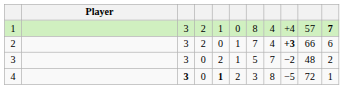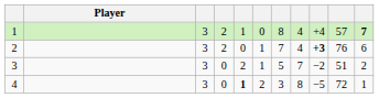 <table class="wikitable" style="text-align:center; margin: 1em auto 1em auto, align:left">
 <tr>
 <th width=20></th>
 <th width=240>Player</th>
 <th width=20></th>
 <th width=20></th>
 <th width=20></th>
 <th width=20></th>
 <th width=20></th>
 <th width=20></th>
 <th width=20></th>
 <th width=30></th>
 <th width=20></th>
 </tr>
 <tr style="background:#D0F0C0;">
 <td>1</td>
 <td align=left></td>
 <td>3</td>
 <td>2</td>
 <td>1</td>
 <td>0</td>
 <td>8</td>
 <td>4</td>
 <td>+4</td>
 <td>57</td>
 <td><strong>7</strong></td>
 </tr>
 <tr style=>
 <td>2</td>
 <td align=left></td>
 <td>3</td>
 <td>2</td>
 <td>0</td>
 <td>1</td>
 <td>7</td>
 <td>4</td>
 <td><strong>+3</strong></td>
-<td>66</td>
+<td>76</td>
 <td>6</td>
 </tr>
 <tr style=>
 <td>3</td>
 <td align=left></td>
 <td>3</td>
 <td>0</td>
 <td>2</td>
 <td>1</td>
 <td>5</td>
 <td>7</td>
 <td>−2</td>
-<td>48</td>
+<td>51</td>
 <td>2</td>
 </tr>
 <tr style=>
 <td>4</td>
 <td align=left></td>
-<td><strong>3</strong></td>
+<td>3</td>
 <td>0</td>
 <td><strong>1</strong></td>
 <td>2</td>
 <td>3</td>
 <td>8</td>
 <td>−5</td>
 <td>72</td>
 <td>1</td>
 </tr>
 </table>
